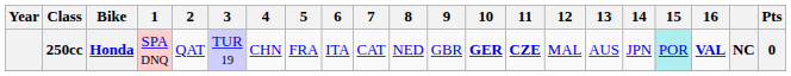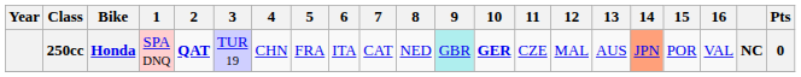 <table class="wikitable" style="text-align:center">
 <tr>
 <th>Year</th>
 <th>Class</th>
 <th>Bike</th>
 <th>1</th>
 <th>2</th>
 <th>3</th>
 <th>4</th>
 <th>5</th>
 <th>6</th>
 <th>7</th>
 <th>8</th>
 <th>9</th>
 <th>10</th>
 <th>11</th>
 <th>12</th>
 <th>13</th>
 <th>14</th>
 <th>15</th>
 <th>16</th>
 <th></th>
 <th>Pts</th>
 </tr>
 <tr>
 <th align="left"></th>
 <th align="left">250cc</th>
 <th align="left"><a href='#'>Honda</a></th>
 <td style="background:#ffcfcf;"><a href='#'>SPA</a><br><small>DNQ</small></td>
-<td><a href='#'>QAT</a></td>
+<td><strong><a href='#'>QAT</a></strong></td>
 <td style="background:#cfcfff;"><a href='#'>TUR</a><br><small>19</small></td>
 <td><a href='#'>CHN</a></td>
 <td><a href='#'>FRA</a></td>
 <td><a href='#'>ITA</a></td>
 <td><a href='#'>CAT</a></td>
 <td><a href='#'>NED</a></td>
-<td><a href='#'>GBR</a></td>
+<td style="background: paleturquoise;"><a href='#'>GBR</a></td>
 <td><strong><a href='#'>GER</a></strong></td>
-<td><strong><a href='#'>CZE</a></strong></td>
+<td><a href='#'>CZE</a></td>
 <td><a href='#'>MAL</a></td>
 <td><a href='#'>AUS</a></td>
-<td><a href='#'>JPN</a></td>
-<td style="background: paleturquoise;"><a href='#'>POR</a></td>
-<td><strong><a href='#'>VAL</a></strong></td>
+<td style="background: lightsalmon;"><a href='#'>JPN</a></td>
+<td><a href='#'>POR</a></td>
+<td><a href='#'>VAL</a></td>
 <th>NC</th>
 <th>0</th>
 </tr>
 <tr>
 </tr>
 </table>
